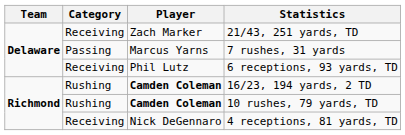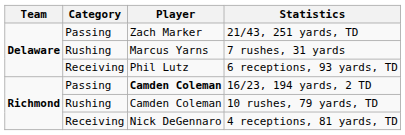 <table class="wikitable" style="float: right;">
 <tr>
 <th>Team</th>
 <th>Category</th>
 <th>Player</th>
 <th>Statistics</th>
 </tr>
 <tr>
 <td rowspan=3><strong>Delaware</strong></td>
-<td>Receiving</td>
+<td>Passing</td>
 <td>Zach Marker</td>
 <td>21/43, 251 yards, TD</td>
 </tr>
 <tr>
-<td>Passing</td>
+<td>Rushing</td>
 <td>Marcus Yarns</td>
 <td>7 rushes, 31 yards</td>
 </tr>
 <tr>
 <td>Receiving</td>
 <td>Phil Lutz</td>
 <td>6 receptions, 93 yards, TD</td>
 </tr>
 <tr>
 <td rowspan=3><strong>Richmond</strong></td>
-<td>Rushing</td>
+<td>Passing</td>
 <td><strong>Camden Coleman</strong></td>
 <td>16/23, 194 yards, 2 TD</td>
 </tr>
 <tr>
 <td>Rushing</td>
-<td><strong>Camden Coleman</strong></td>
+<td>Camden Coleman</td>
 <td>10 rushes, 79 yards, TD</td>
 </tr>
 <tr>
 <td>Receiving</td>
 <td>Nick DeGennaro</td>
 <td>4 receptions, 81 yards, TD</td>
 </tr>
 </table>
